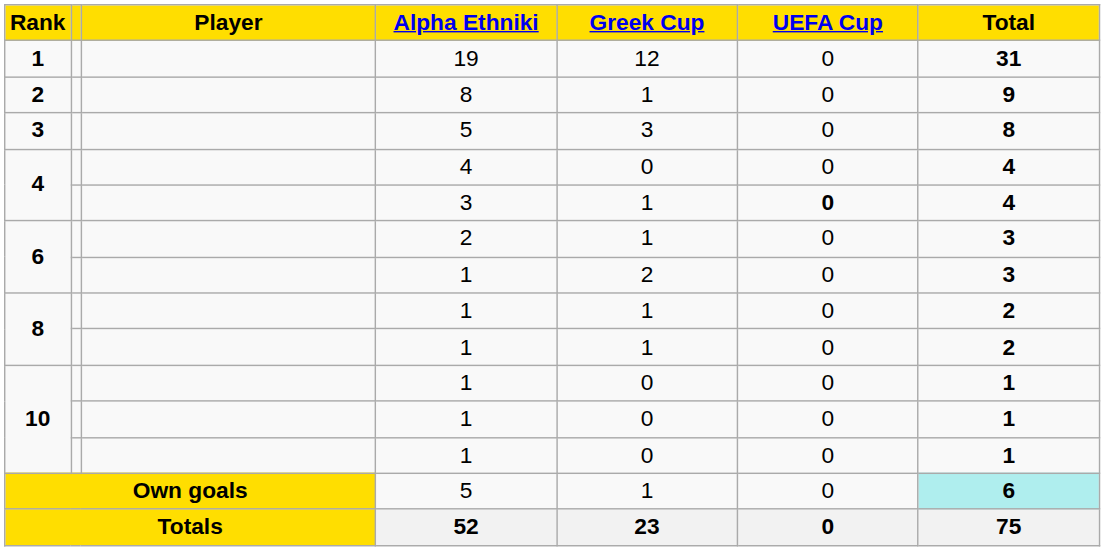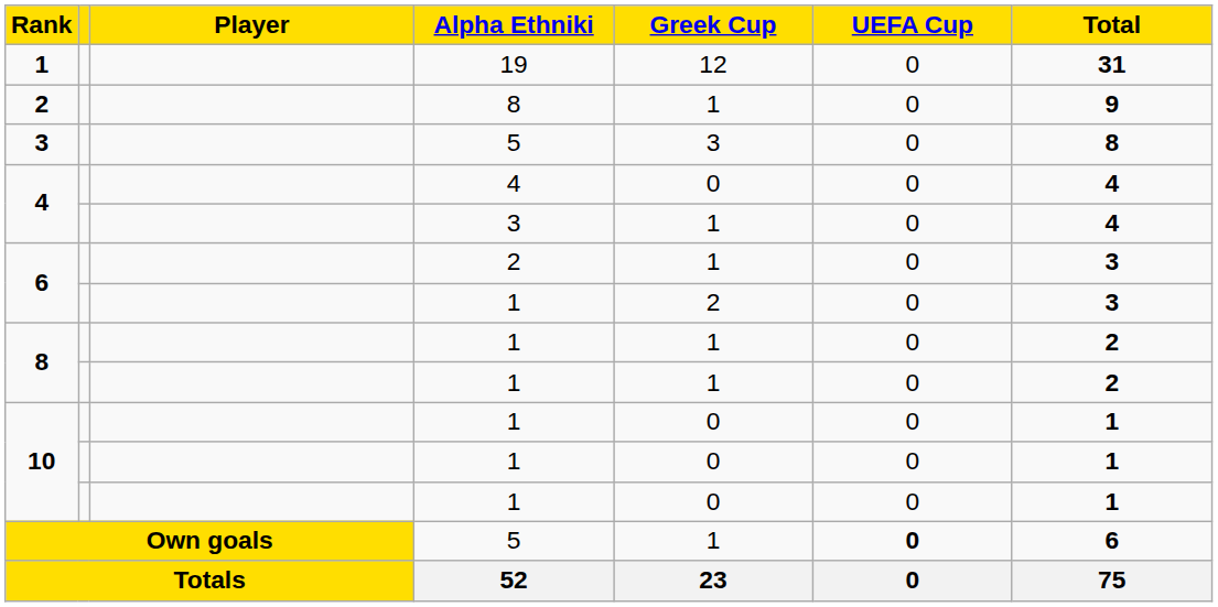 <table class="wikitable sortable" style="text-align: center">
 <tr>
 <th style="background:#FFDE00">Rank</th>
 <th style="background:#FFDE00"></th>
 <th width=200 style="background:#FFDE00">Player</th>
 <th width=120 style="background:#FFDE00"><a href='#'>Alpha Ethniki</a></th>
 <th width=120 style="background:#FFDE00"><a href='#'>Greek Cup</a></th>
 <th width=120 style="background:#FFDE00"><a href='#'>UEFA Cup</a></th>
 <th width=120 style="background:#FFDE00">Total</th>
 </tr>
 <tr>
 <td><strong>1</strong></td>
 <td></td>
 <td align=left></td>
 <td>19</td>
 <td>12</td>
 <td>0</td>
 <td><strong>31</strong></td>
 </tr>
 <tr>
 <td><strong>2</strong></td>
 <td></td>
 <td align=left></td>
 <td>8</td>
 <td>1</td>
 <td>0</td>
 <td><strong>9</strong></td>
 </tr>
 <tr>
 <td><strong>3</strong></td>
 <td></td>
 <td align=left></td>
 <td>5</td>
 <td>3</td>
 <td>0</td>
 <td><strong>8</strong></td>
 </tr>
 <tr>
 <td rowspan=2><strong>4</strong></td>
 <td></td>
 <td align=left></td>
 <td>4</td>
 <td>0</td>
 <td>0</td>
 <td><strong>4</strong></td>
 </tr>
 <tr>
 <td></td>
 <td align=left></td>
 <td>3</td>
 <td>1</td>
-<td><strong>0</strong></td>
+<td>0</td>
 <td><strong>4</strong></td>
 </tr>
 <tr>
 <td rowspan=2><strong>6</strong></td>
 <td></td>
 <td align=left></td>
 <td>2</td>
 <td>1</td>
 <td>0</td>
 <td><strong>3</strong></td>
 </tr>
 <tr>
 <td></td>
 <td align=left></td>
 <td>1</td>
 <td>2</td>
 <td>0</td>
 <td><strong>3</strong></td>
 </tr>
 <tr>
 <td rowspan=2><strong>8</strong></td>
 <td></td>
 <td align=left></td>
 <td>1</td>
 <td>1</td>
 <td>0</td>
 <td><strong>2</strong></td>
 </tr>
 <tr>
 <td></td>
 <td align=left></td>
 <td>1</td>
 <td>1</td>
 <td>0</td>
 <td><strong>2</strong></td>
 </tr>
 <tr>
 <td rowspan=3><strong>10</strong></td>
 <td></td>
 <td align=left></td>
 <td>1</td>
 <td>0</td>
 <td>0</td>
 <td><strong>1</strong></td>
 </tr>
 <tr>
 <td></td>
 <td align=left></td>
 <td>1</td>
 <td>0</td>
 <td>0</td>
 <td><strong>1</strong></td>
 </tr>
 <tr>
 <td></td>
 <td align=left></td>
 <td>1</td>
 <td>0</td>
 <td>0</td>
 <td><strong>1</strong></td>
 </tr>
 <tr class="sortbottom">
 <td colspan=3 style="background:#FFDE00"><strong>Own goals</strong></td>
 <td>5</td>
 <td>1</td>
-<td>0</td>
-<td style="background: paleturquoise;"><strong>6</strong></td>
+<td><strong>0</strong></td>
+<td><strong>6</strong></td>
 </tr>
 <tr class="sortbottom">
 <th colspan=3 style="background:#FFDE00"><strong>Totals</strong></th>
 <th><strong>52</strong></th>
 <th><strong>23</strong></th>
 <th><strong> 0</strong></th>
 <th><strong>75</strong></th>
 </tr>
 </table>
